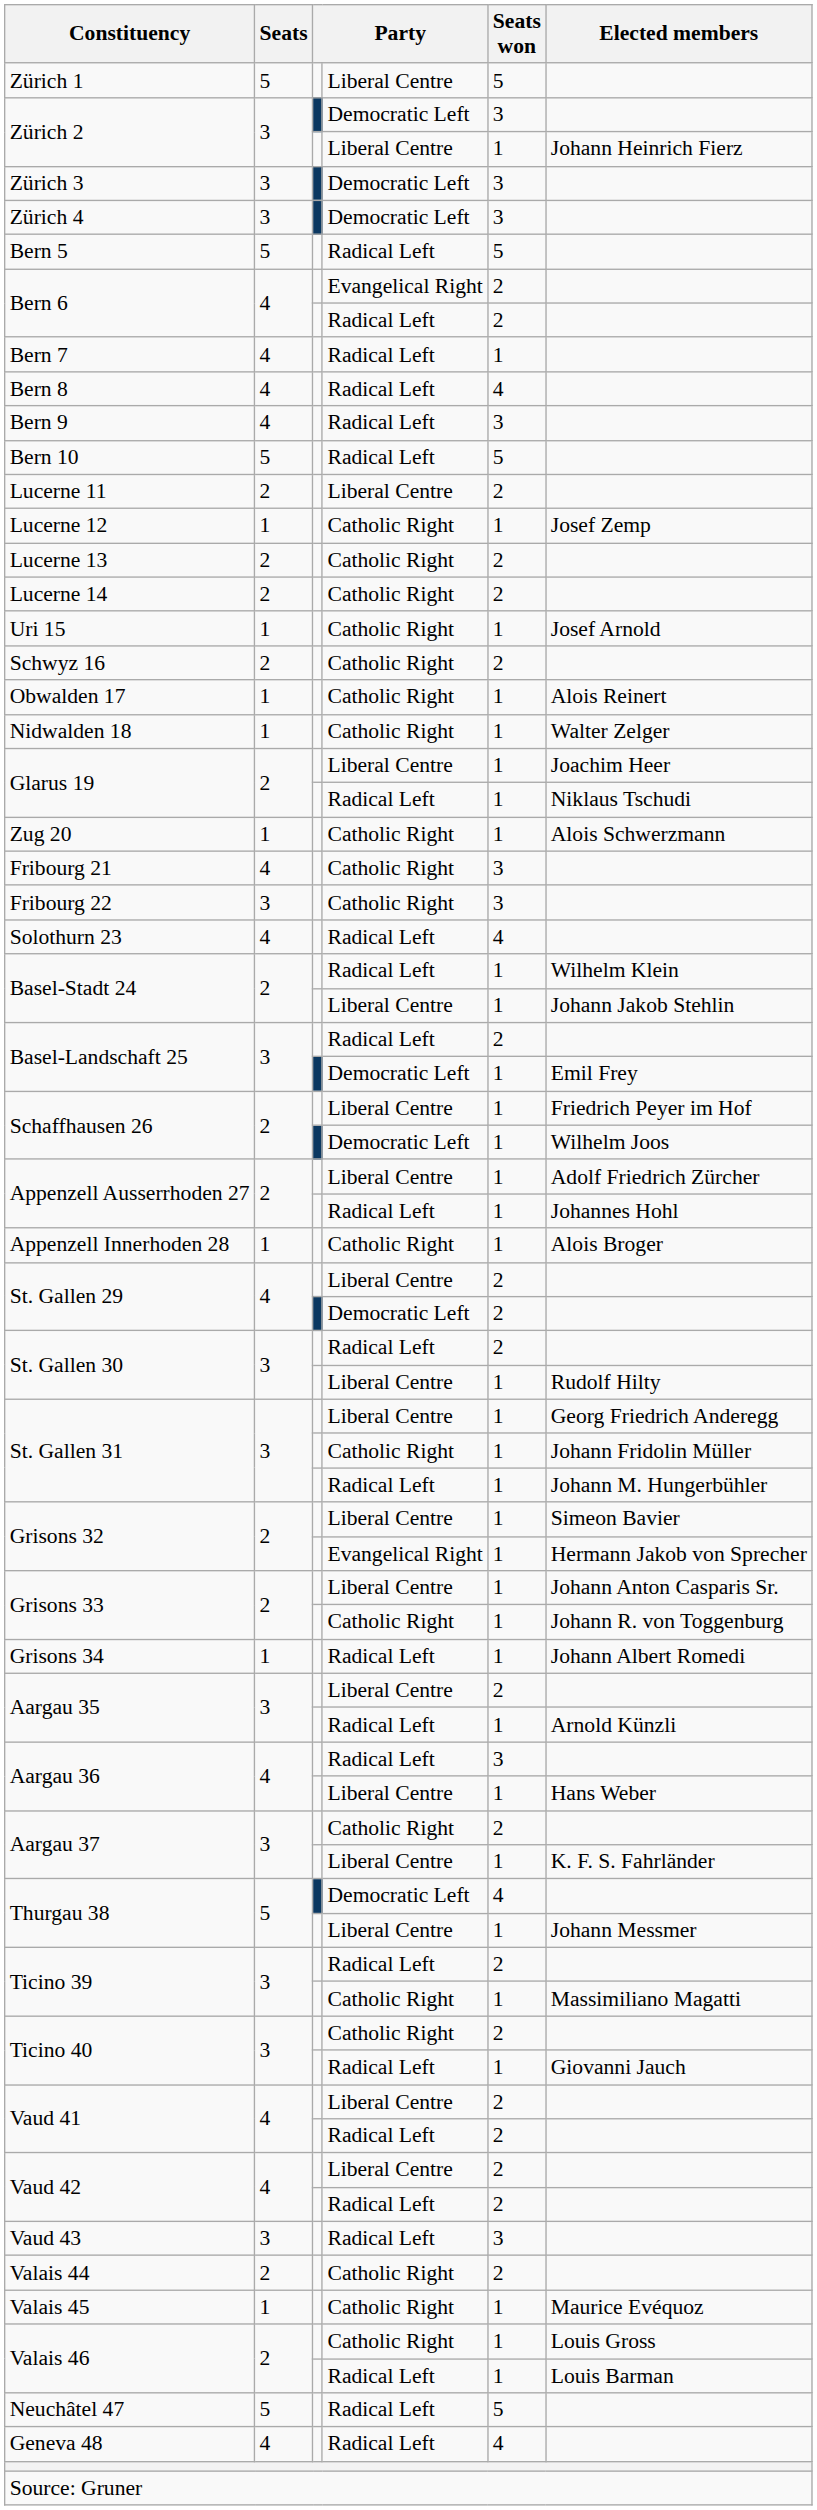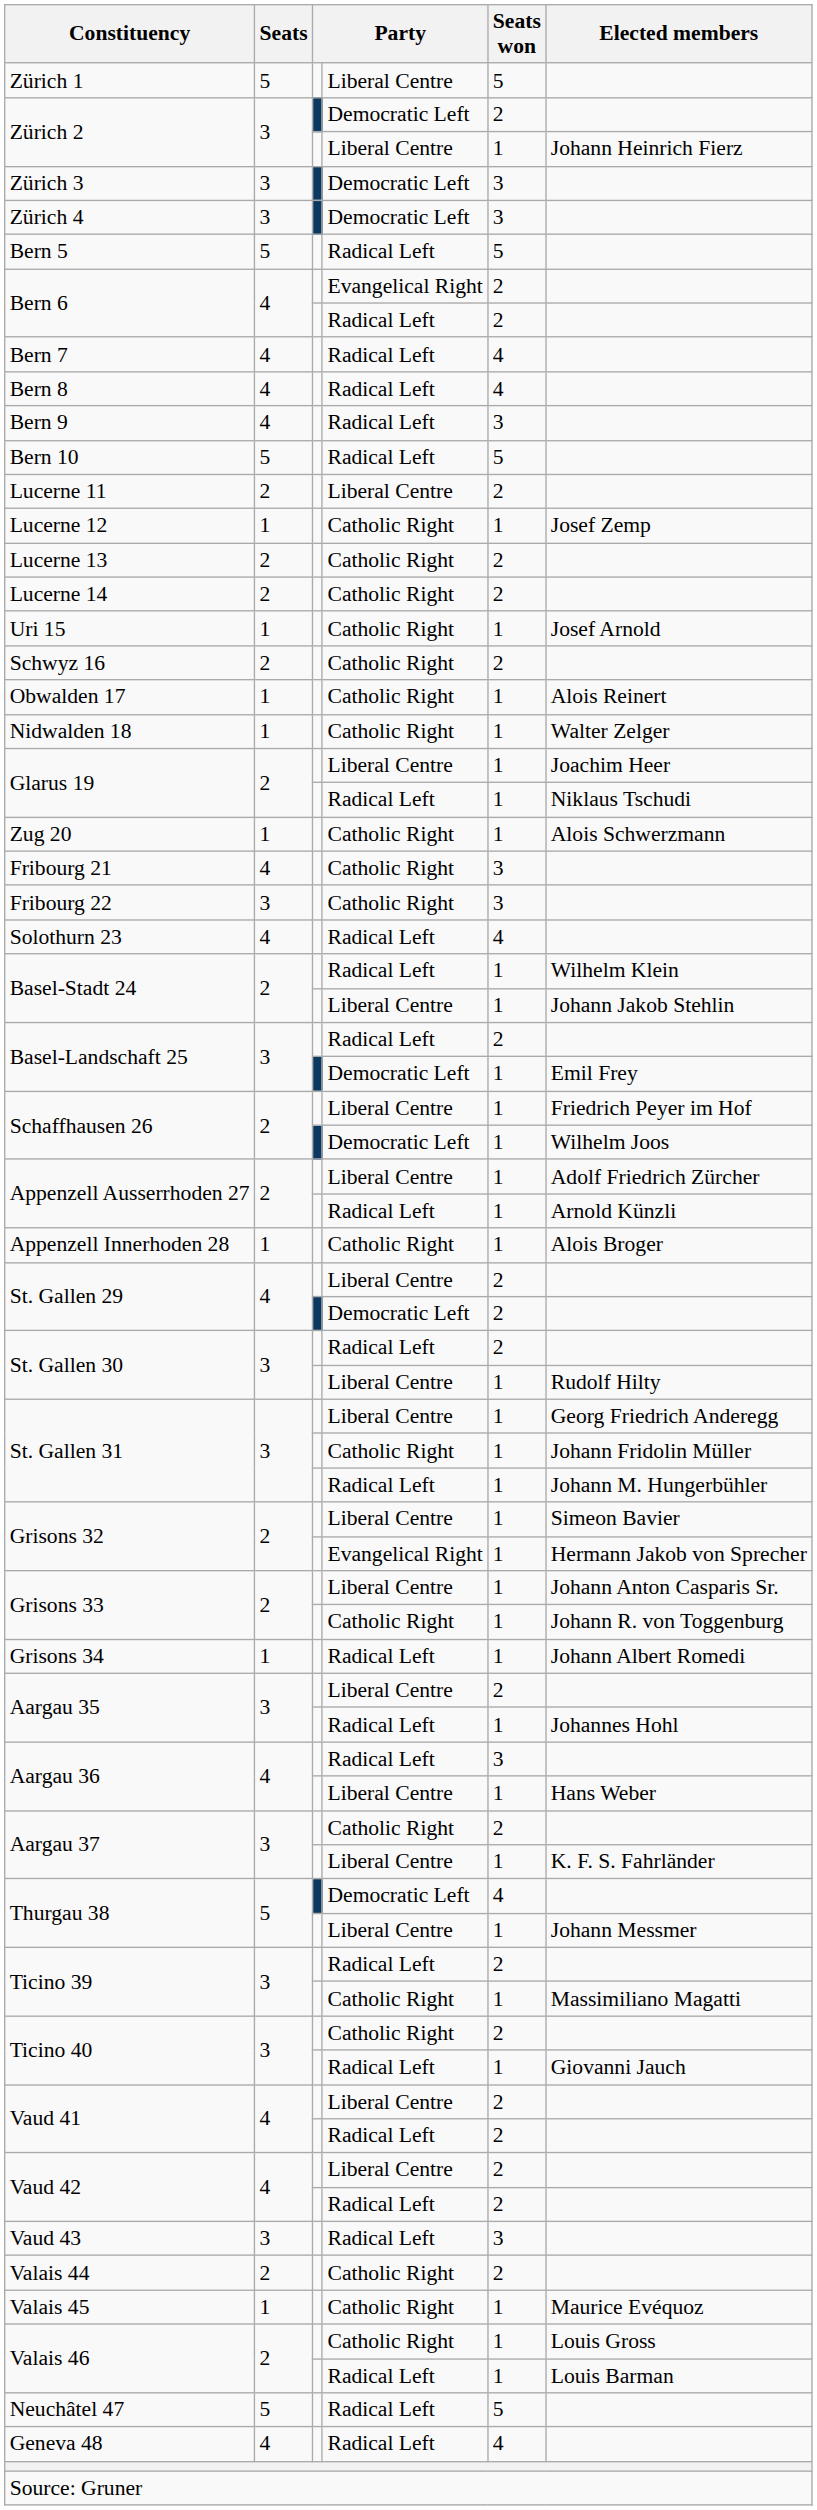 <table class="wikitable">
 <tr>
 <th>Constituency</th>
 <th>Seats</th>
 <th colspan="2">Party</th>
 <th>Seats<br>won</th>
 <th>Elected members</th>
 </tr>
 <tr>
 <td>Zürich 1</td>
 <td>5</td>
 <td style="color:inherit;background:"></td>
 <td>Liberal Centre</td>
 <td>5</td>
 <td></td>
 </tr>
 <tr>
 <td rowspan="2">Zürich 2</td>
 <td rowspan="2">3</td>
 <td style="color:inherit;background:#0B3861"></td>
 <td>Democratic Left</td>
-<td>3</td>
+<td>2</td>
 <td></td>
 </tr>
 <tr>
 <td style="color:inherit;background:"></td>
 <td>Liberal Centre</td>
 <td>1</td>
 <td>Johann Heinrich Fierz</td>
 </tr>
 <tr>
 <td>Zürich 3</td>
 <td>3</td>
 <td style="color:inherit;background:#0B3861"></td>
 <td>Democratic Left</td>
 <td>3</td>
 <td></td>
 </tr>
 <tr>
 <td>Zürich 4</td>
 <td>3</td>
 <td style="color:inherit;background:#0B3861"></td>
 <td>Democratic Left</td>
 <td>3</td>
 <td></td>
 </tr>
 <tr>
 <td>Bern 5</td>
 <td>5</td>
 <td style="color:inherit;background:"></td>
 <td>Radical Left</td>
 <td>5</td>
 <td></td>
 </tr>
 <tr>
 <td rowspan="2">Bern 6</td>
 <td rowspan="2">4</td>
 <td style="color:inherit;background:"></td>
 <td>Evangelical Right</td>
 <td>2</td>
 <td></td>
 </tr>
 <tr>
 <td style="color:inherit;background:"></td>
 <td>Radical Left</td>
 <td>2</td>
 <td></td>
 </tr>
 <tr>
 <td>Bern 7</td>
 <td>4</td>
 <td style="color:inherit;background:"></td>
 <td>Radical Left</td>
-<td>1</td>
+<td>4</td>
 <td></td>
 </tr>
 <tr>
 <td>Bern 8</td>
 <td>4</td>
 <td style="color:inherit;background:"></td>
 <td>Radical Left</td>
 <td>4</td>
 <td></td>
 </tr>
 <tr>
 <td>Bern 9</td>
 <td>4</td>
 <td style="color:inherit;background:"></td>
 <td>Radical Left</td>
 <td>3</td>
 <td></td>
 </tr>
 <tr>
 <td>Bern 10</td>
 <td>5</td>
 <td style="color:inherit;background:"></td>
 <td>Radical Left</td>
 <td>5</td>
 <td></td>
 </tr>
 <tr>
 <td>Lucerne 11</td>
 <td>2</td>
 <td style="color:inherit;background:"></td>
 <td>Liberal Centre</td>
 <td>2</td>
 <td></td>
 </tr>
 <tr>
 <td>Lucerne 12</td>
 <td>1</td>
 <td style="color:inherit;background:"></td>
 <td>Catholic Right</td>
 <td>1</td>
 <td>Josef Zemp</td>
 </tr>
 <tr>
 <td>Lucerne 13</td>
 <td>2</td>
 <td style="color:inherit;background:"></td>
 <td>Catholic Right</td>
 <td>2</td>
 <td></td>
 </tr>
 <tr>
 <td>Lucerne 14</td>
 <td>2</td>
 <td style="color:inherit;background:"></td>
 <td>Catholic Right</td>
 <td>2</td>
 <td></td>
 </tr>
 <tr>
 <td>Uri 15</td>
 <td>1</td>
 <td style="color:inherit;background:"></td>
 <td>Catholic Right</td>
 <td>1</td>
 <td>Josef Arnold</td>
 </tr>
 <tr>
 <td>Schwyz 16</td>
 <td>2</td>
 <td style="color:inherit;background:"></td>
 <td>Catholic Right</td>
 <td>2</td>
 <td></td>
 </tr>
 <tr>
 <td>Obwalden 17</td>
 <td>1</td>
 <td style="color:inherit;background:"></td>
 <td>Catholic Right</td>
 <td>1</td>
 <td>Alois Reinert</td>
 </tr>
 <tr>
 <td>Nidwalden 18</td>
 <td>1</td>
 <td style="color:inherit;background:"></td>
 <td>Catholic Right</td>
 <td>1</td>
 <td>Walter Zelger</td>
 </tr>
 <tr>
 <td rowspan="2">Glarus 19</td>
 <td rowspan="2">2</td>
 <td style="color:inherit;background:"></td>
 <td>Liberal Centre</td>
 <td>1</td>
 <td>Joachim Heer</td>
 </tr>
 <tr>
 <td style="color:inherit;background:"></td>
 <td>Radical Left</td>
 <td>1</td>
 <td>Niklaus Tschudi</td>
 </tr>
 <tr>
 <td>Zug 20</td>
 <td>1</td>
 <td style="color:inherit;background:"></td>
 <td>Catholic Right</td>
 <td>1</td>
 <td>Alois Schwerzmann</td>
 </tr>
 <tr>
 <td>Fribourg 21</td>
 <td>4</td>
 <td style="color:inherit;background:"></td>
 <td>Catholic Right</td>
 <td>3</td>
 <td></td>
 </tr>
 <tr>
 <td>Fribourg 22</td>
 <td>3</td>
 <td style="color:inherit;background:"></td>
 <td>Catholic Right</td>
 <td>3</td>
 <td></td>
 </tr>
 <tr>
 <td>Solothurn 23</td>
 <td>4</td>
 <td style="color:inherit;background:"></td>
 <td>Radical Left</td>
 <td>4</td>
 <td></td>
 </tr>
 <tr>
 <td rowspan="2">Basel-Stadt 24</td>
 <td rowspan="2">2</td>
 <td style="color:inherit;background:"></td>
 <td>Radical Left</td>
 <td>1</td>
 <td>Wilhelm Klein</td>
 </tr>
 <tr>
 <td style="color:inherit;background:"></td>
 <td>Liberal Centre</td>
 <td>1</td>
 <td>Johann Jakob Stehlin</td>
 </tr>
 <tr>
 <td rowspan="2">Basel-Landschaft 25</td>
 <td rowspan="2">3</td>
 <td style="color:inherit;background:"></td>
 <td>Radical Left</td>
 <td>2</td>
 <td></td>
 </tr>
 <tr>
 <td style="color:inherit;background:#0B3861"></td>
 <td>Democratic Left</td>
 <td>1</td>
 <td>Emil Frey</td>
 </tr>
 <tr>
 <td rowspan="2">Schaffhausen 26</td>
 <td rowspan="2">2</td>
 <td style="color:inherit;background:"></td>
 <td>Liberal Centre</td>
 <td>1</td>
 <td>Friedrich Peyer im Hof</td>
 </tr>
 <tr>
 <td style="color:inherit;background:#0B3861"></td>
 <td>Democratic Left</td>
 <td>1</td>
 <td>Wilhelm Joos</td>
 </tr>
 <tr>
 <td rowspan="2">Appenzell Ausserrhoden 27</td>
 <td rowspan="2">2</td>
 <td style="color:inherit;background:"></td>
 <td>Liberal Centre</td>
 <td>1</td>
 <td>Adolf Friedrich Zürcher</td>
 </tr>
 <tr>
 <td style="color:inherit;background:"></td>
 <td>Radical Left</td>
 <td>1</td>
-<td>Johannes Hohl</td>
+<td>Arnold Künzli</td>
 </tr>
 <tr>
 <td>Appenzell Innerhoden 28</td>
 <td>1</td>
 <td style="color:inherit;background:"></td>
 <td>Catholic Right</td>
 <td>1</td>
 <td>Alois Broger</td>
 </tr>
 <tr>
 <td rowspan="2">St. Gallen 29</td>
 <td rowspan="2">4</td>
 <td style="color:inherit;background:"></td>
 <td>Liberal Centre</td>
 <td>2</td>
 <td></td>
 </tr>
 <tr>
 <td style="color:inherit;background:#0B3861"></td>
 <td>Democratic Left</td>
 <td>2</td>
 <td></td>
 </tr>
 <tr>
 <td rowspan="2">St. Gallen 30</td>
 <td rowspan="2">3</td>
 <td style="color:inherit;background:"></td>
 <td>Radical Left</td>
 <td>2</td>
 <td></td>
 </tr>
 <tr>
 <td style="color:inherit;background:"></td>
 <td>Liberal Centre</td>
 <td>1</td>
 <td>Rudolf Hilty</td>
 </tr>
 <tr>
 <td rowspan="3">St. Gallen 31</td>
 <td rowspan="3">3</td>
 <td style="color:inherit;background:"></td>
 <td>Liberal Centre</td>
 <td>1</td>
 <td>Georg Friedrich Anderegg</td>
 </tr>
 <tr>
 <td style="color:inherit;background:"></td>
 <td>Catholic Right</td>
 <td>1</td>
 <td>Johann Fridolin Müller</td>
 </tr>
 <tr>
 <td style="color:inherit;background:"></td>
 <td>Radical Left</td>
 <td>1</td>
 <td>Johann M. Hungerbühler</td>
 </tr>
 <tr>
 <td rowspan="2">Grisons 32</td>
 <td rowspan="2">2</td>
 <td style="color:inherit;background:"></td>
 <td>Liberal Centre</td>
 <td>1</td>
 <td>Simeon Bavier</td>
 </tr>
 <tr>
 <td style="color:inherit;background:"></td>
 <td>Evangelical Right</td>
 <td>1</td>
 <td>Hermann Jakob von Sprecher</td>
 </tr>
 <tr>
 <td rowspan="2">Grisons 33</td>
 <td rowspan="2">2</td>
 <td style="color:inherit;background:"></td>
 <td>Liberal Centre</td>
 <td>1</td>
 <td>Johann Anton Casparis Sr.</td>
 </tr>
 <tr>
 <td style="color:inherit;background:"></td>
 <td>Catholic Right</td>
 <td>1</td>
 <td>Johann R. von Toggenburg</td>
 </tr>
 <tr>
 <td>Grisons 34</td>
 <td>1</td>
 <td style="color:inherit;background:"></td>
 <td>Radical Left</td>
 <td>1</td>
 <td>Johann Albert Romedi</td>
 </tr>
 <tr>
 <td rowspan="2">Aargau 35</td>
 <td rowspan="2">3</td>
 <td style="color:inherit;background:"></td>
 <td>Liberal Centre</td>
 <td>2</td>
 <td></td>
 </tr>
 <tr>
 <td style="color:inherit;background:"></td>
 <td>Radical Left</td>
 <td>1</td>
-<td>Arnold Künzli</td>
+<td>Johannes Hohl</td>
 </tr>
 <tr>
 <td rowspan="2">Aargau 36</td>
 <td rowspan="2">4</td>
 <td style="color:inherit;background:"></td>
 <td>Radical Left</td>
 <td>3</td>
 <td></td>
 </tr>
 <tr>
 <td style="color:inherit;background:"></td>
 <td>Liberal Centre</td>
 <td>1</td>
 <td>Hans Weber</td>
 </tr>
 <tr>
 <td rowspan="2">Aargau 37</td>
 <td rowspan="2">3</td>
 <td style="color:inherit;background:"></td>
 <td>Catholic Right</td>
 <td>2</td>
 <td></td>
 </tr>
 <tr>
 <td style="color:inherit;background:"></td>
 <td>Liberal Centre</td>
 <td>1</td>
 <td>K. F. S. Fahrländer</td>
 </tr>
 <tr>
 <td rowspan="2">Thurgau 38</td>
 <td rowspan="2">5</td>
 <td style="color:inherit;background:#0B3861"></td>
 <td>Democratic Left</td>
 <td>4</td>
 <td></td>
 </tr>
 <tr>
 <td style="color:inherit;background:"></td>
 <td>Liberal Centre</td>
 <td>1</td>
 <td>Johann Messmer</td>
 </tr>
 <tr>
 <td rowspan="2">Ticino 39</td>
 <td rowspan="2">3</td>
 <td style="color:inherit;background:"></td>
 <td>Radical Left</td>
 <td>2</td>
 <td></td>
 </tr>
 <tr>
 <td style="color:inherit;background:"></td>
 <td>Catholic Right</td>
 <td>1</td>
 <td>Massimiliano Magatti</td>
 </tr>
 <tr>
 <td rowspan="2">Ticino 40</td>
 <td rowspan="2">3</td>
 <td style="color:inherit;background:"></td>
 <td>Catholic Right</td>
 <td>2</td>
 <td></td>
 </tr>
 <tr>
 <td style="color:inherit;background:"></td>
 <td>Radical Left</td>
 <td>1</td>
 <td>Giovanni Jauch</td>
 </tr>
 <tr>
 <td rowspan="2">Vaud 41</td>
 <td rowspan="2">4</td>
 <td style="color:inherit;background:"></td>
 <td>Liberal Centre</td>
 <td>2</td>
 <td></td>
 </tr>
 <tr>
 <td style="color:inherit;background:"></td>
 <td>Radical Left</td>
 <td>2</td>
 <td></td>
 </tr>
 <tr>
 <td rowspan="2">Vaud 42</td>
 <td rowspan="2">4</td>
 <td style="color:inherit;background:"></td>
 <td>Liberal Centre</td>
 <td>2</td>
 <td></td>
 </tr>
 <tr>
 <td style="color:inherit;background:"></td>
 <td>Radical Left</td>
 <td>2</td>
 <td></td>
 </tr>
 <tr>
 <td>Vaud 43</td>
 <td>3</td>
 <td style="color:inherit;background:"></td>
 <td>Radical Left</td>
 <td>3</td>
 <td></td>
 </tr>
 <tr>
 <td>Valais 44</td>
 <td>2</td>
 <td style="color:inherit;background:"></td>
 <td>Catholic Right</td>
 <td>2</td>
 <td></td>
 </tr>
 <tr>
 <td>Valais 45</td>
 <td>1</td>
 <td style="color:inherit;background:"></td>
 <td>Catholic Right</td>
 <td>1</td>
 <td>Maurice Evéquoz</td>
 </tr>
 <tr>
 <td rowspan="2">Valais 46</td>
 <td rowspan="2">2</td>
 <td style="color:inherit;background:"></td>
 <td>Catholic Right</td>
 <td>1</td>
 <td>Louis Gross</td>
 </tr>
 <tr>
 <td style="color:inherit;background:"></td>
 <td>Radical Left</td>
 <td>1</td>
 <td>Louis Barman</td>
 </tr>
 <tr>
 <td>Neuchâtel 47</td>
 <td>5</td>
 <td style="color:inherit;background:"></td>
 <td>Radical Left</td>
 <td>5</td>
 <td></td>
 </tr>
 <tr>
 <td>Geneva 48</td>
 <td>4</td>
 <td style="color:inherit;background:"></td>
 <td>Radical Left</td>
 <td>4</td>
 <td></td>
 </tr>
 <tr>
 <th colspan="6"></th>
 </tr>
 <tr>
 <td colspan="6">Source: Gruner</td>
 </tr>
 </table>
